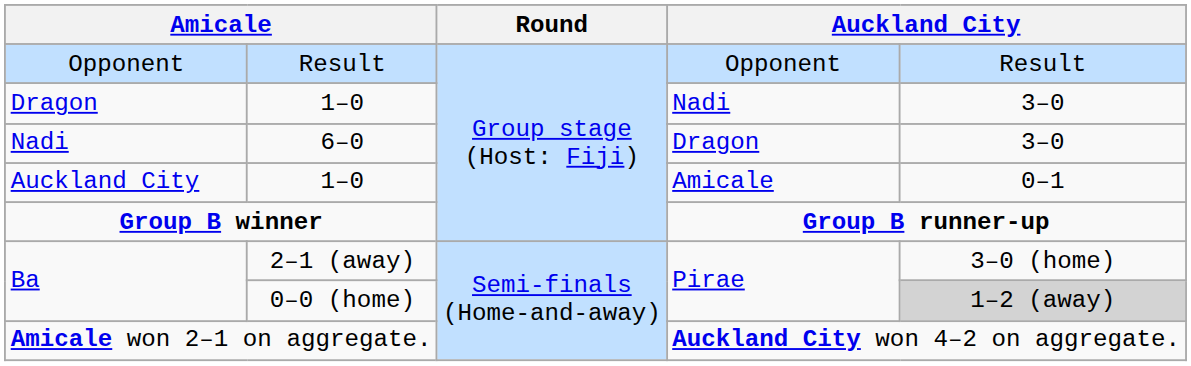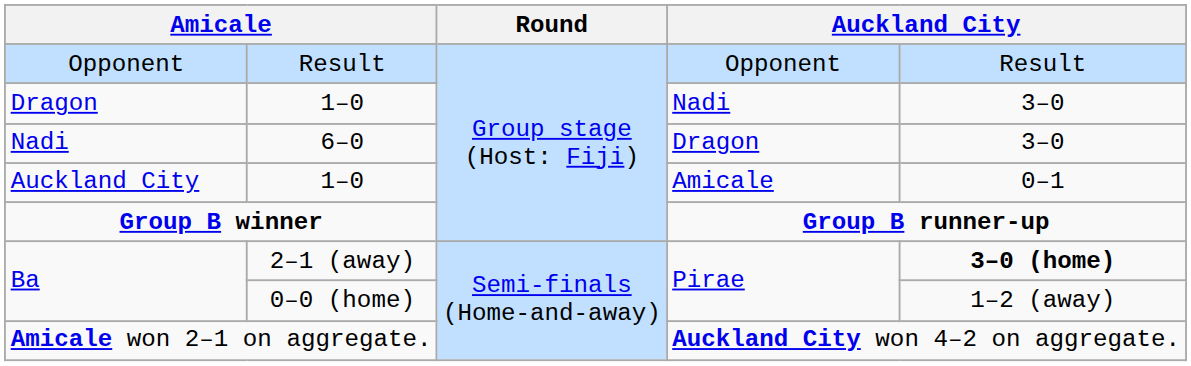 <table class="wikitable" style="text-align:center">
 <tr>
 <th colspan=2> <a href='#'>Amicale</a></th>
 <th>Round</th>
 <th colspan=2> <a href='#'>Auckland City</a></th>
 </tr>
 <tr bgcolor=#c1e0ff>
 <td>Opponent</td>
 <td>Result</td>
 <td rowspan=5><a href='#'>Group stage</a><br>(Host: <a href='#'>Fiji</a>)</td>
 <td>Opponent</td>
 <td>Result</td>
 </tr>
 <tr>
 <td align=left> <a href='#'>Dragon</a></td>
 <td>1–0</td>
 <td align=left> <a href='#'>Nadi</a></td>
 <td>3–0</td>
 </tr>
 <tr>
 <td align=left> <a href='#'>Nadi</a></td>
 <td>6–0</td>
 <td align=left> <a href='#'>Dragon</a></td>
 <td>3–0</td>
 </tr>
 <tr>
 <td align=left> <a href='#'>Auckland City</a></td>
 <td>1–0</td>
 <td align=left> <a href='#'>Amicale</a></td>
 <td>0–1</td>
 </tr>
 <tr>
 <td colspan=2 valign=top><strong><a href='#'>Group B</a> winner</strong><br></td>
 <td colspan=2 valign=top><strong><a href='#'>Group B</a> runner-up</strong><br></td>
 </tr>
 <tr>
 <td rowspan=2 align=left> <a href='#'>Ba</a></td>
 <td>2–1 (away)</td>
 <td rowspan=3 bgcolor=#c1e0ff><a href='#'>Semi-finals</a><br>(Home-and-away)</td>
 <td rowspan=2 align=left> <a href='#'>Pirae</a></td>
-<td>3–0 (home)</td>
+<td><strong>3–0 (home)</strong></td>
 </tr>
 <tr>
 <td>0–0 (home)</td>
-<td style="background: lightgrey;">1–2 (away)</td>
+<td>1–2 (away)</td>
 </tr>
 <tr>
 <td colspan=2><strong><a href='#'>Amicale</a></strong> won 2–1 on aggregate.</td>
 <td colspan=2><strong><a href='#'>Auckland City</a></strong> won 4–2 on aggregate.</td>
 </tr>
 </table>
